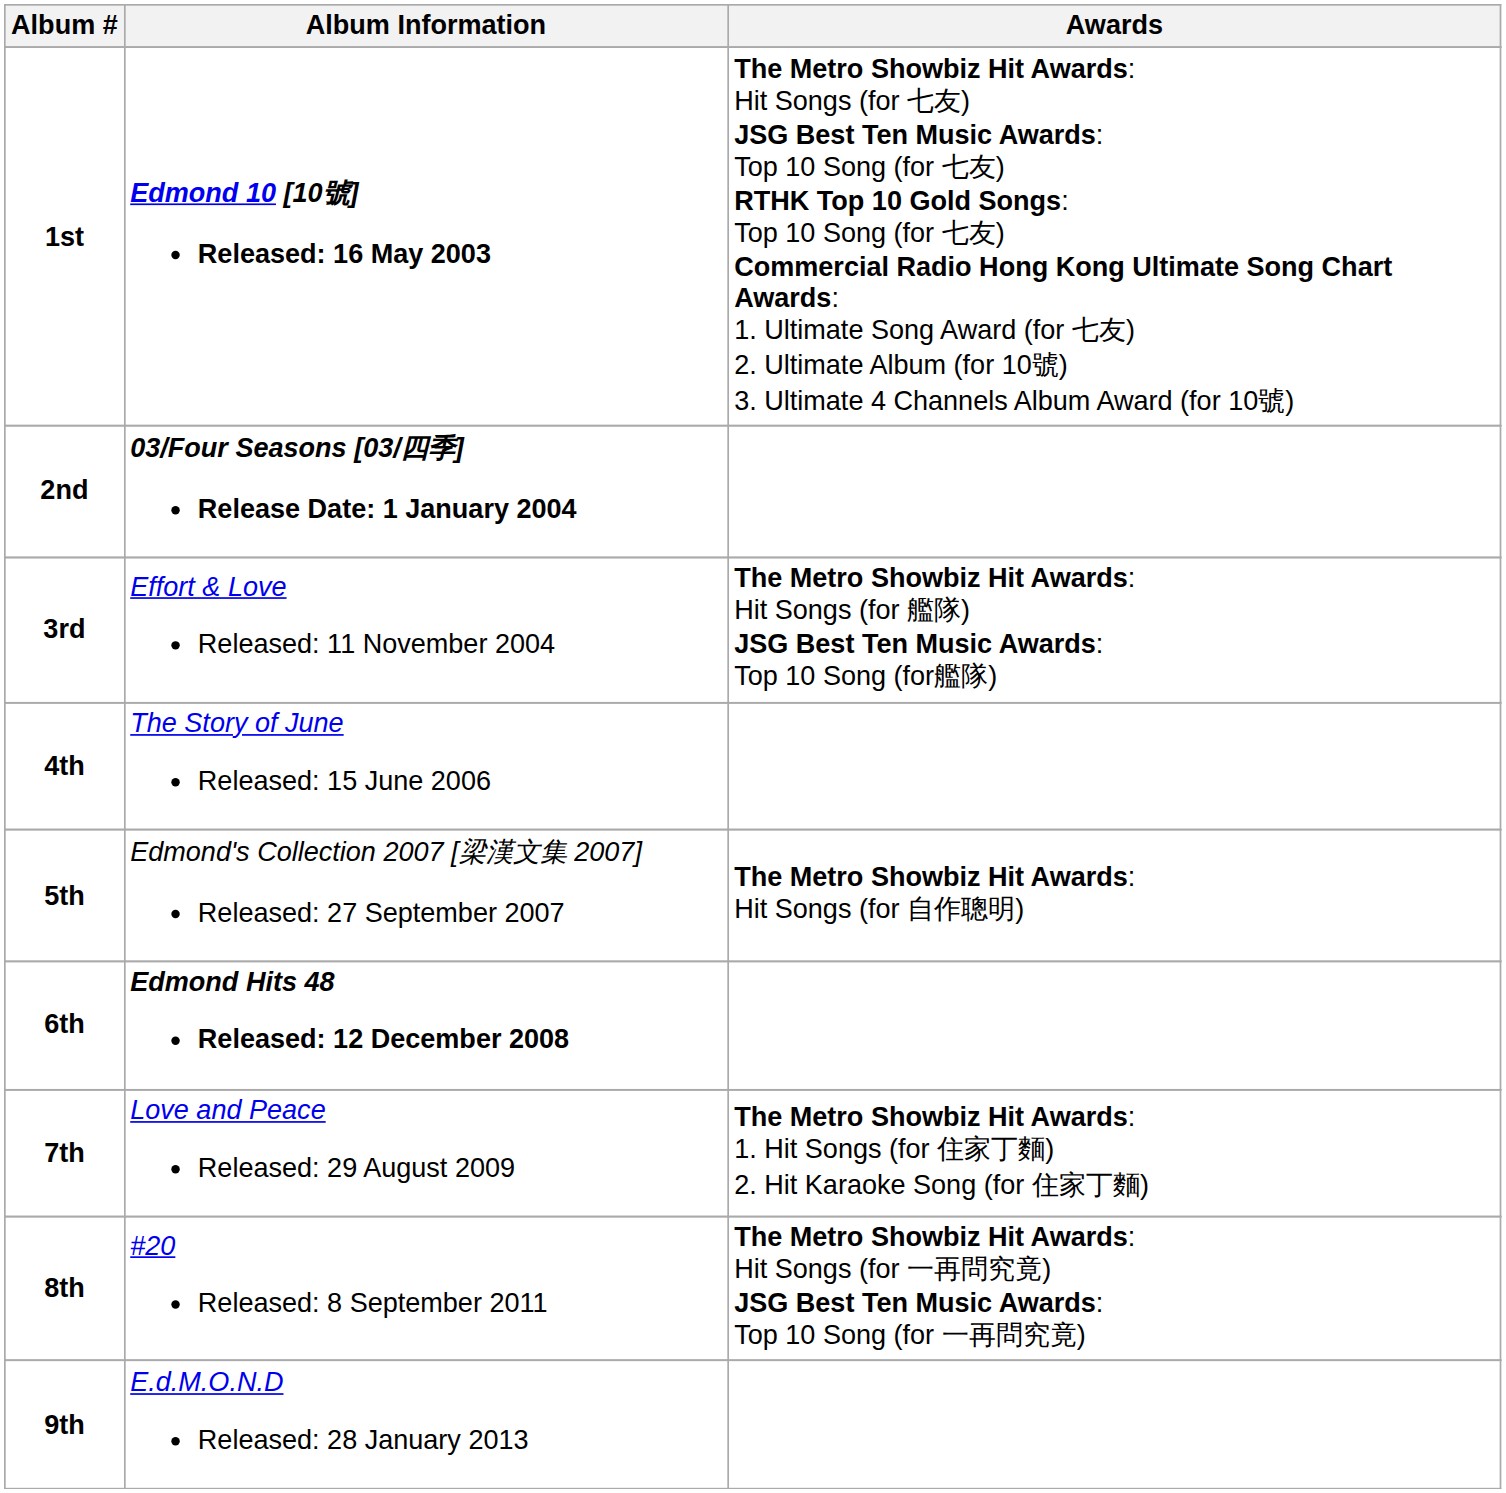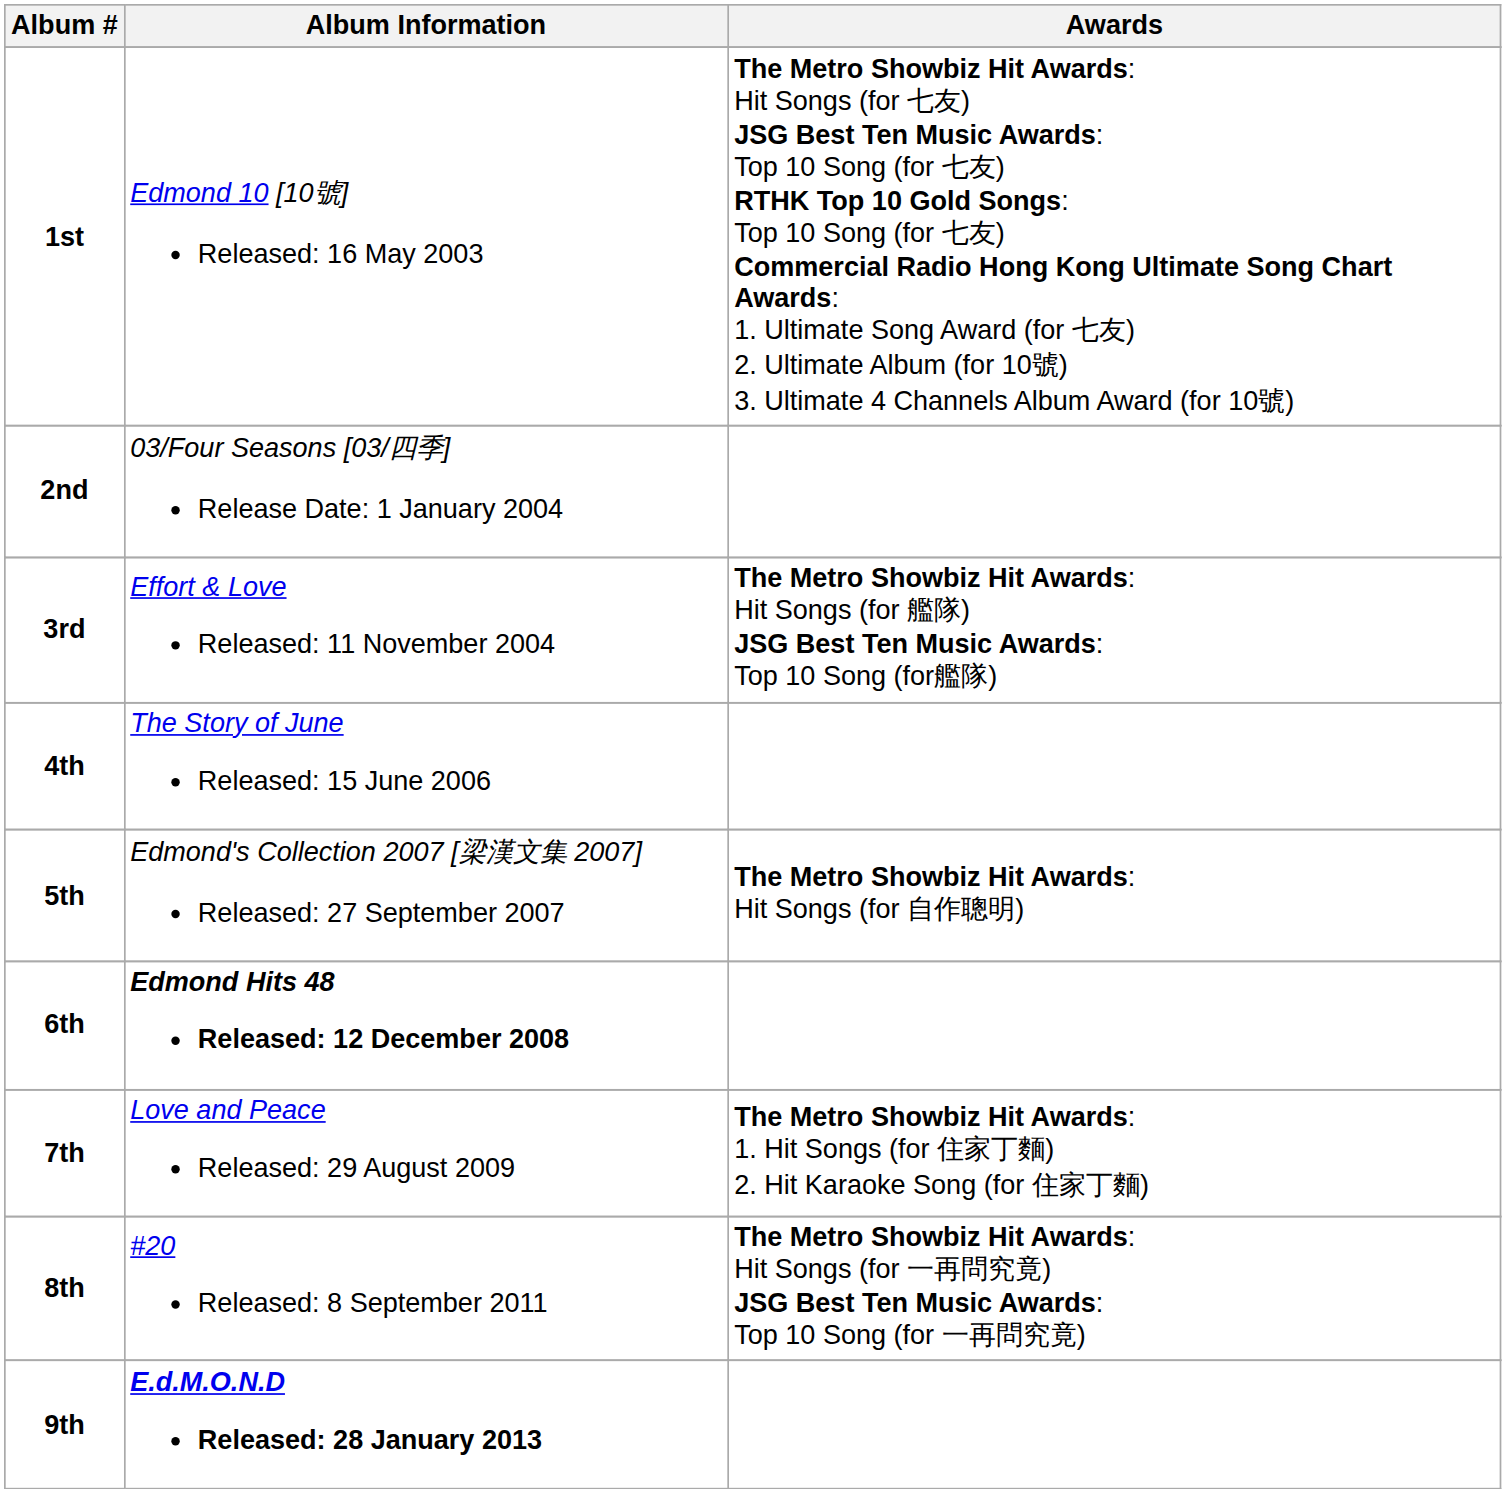 <table class="wikitable">
 <tr>
 <th align-"left">Album #</th>
 <th align="left" width="350px">Album Information</th>
 <th align="left" width="450px">Awards</th>
 </tr>
 <tr>
 </tr>
 <tr bgcolor="#FFFFFF">
 <td align="center"><strong>1st</strong></td>
-<td align="left"><strong><em><a href='#'>Edmond 10</a> [10號]</em><br><ul><li>Released: 16 May 2003</li></ul></strong></td>
+<td align="left"><em><a href='#'>Edmond 10</a> [10號]</em><br><ul><li>Released: 16 May 2003</li></ul></td>
 <td><strong>The Metro Showbiz Hit Awards</strong>:<br>Hit Songs (for 七友)<br><strong>JSG Best Ten Music Awards</strong>:<br>Top 10 Song (for 七友)<br><strong>RTHK Top 10 Gold Songs</strong>:<br>Top 10 Song (for 七友)<br><strong>Commercial Radio Hong Kong Ultimate Song Chart Awards</strong>:<br> 1. Ultimate Song Award (for 七友)<br> 2. Ultimate Album (for 10號)<br> 3. Ultimate 4 Channels Album Award (for 10號)</td>
 </tr>
 <tr>
 </tr>
 <tr bgcolor="#FFFFFF">
 <td align="center"><strong>2nd</strong></td>
-<td align="left"><strong><em>03/Four Seasons [03/四季]</em><br><ul><li>Release Date: 1 January 2004</li></ul></strong></td>
+<td align="left"><em>03/Four Seasons [03/四季]</em><br><ul><li>Release Date: 1 January 2004</li></ul></td>
 <td></td>
 </tr>
 <tr>
 </tr>
 <tr bgcolor="#FFFFFF">
 <td align="center"><strong>3rd</strong></td>
 <td align="left"><em><a href='#'>Effort & Love</a></em><br><ul><li>Released: 11 November 2004</li></ul></td>
 <td><strong>The Metro Showbiz Hit Awards</strong>:<br>Hit Songs (for 艦隊)<br><strong>JSG Best Ten Music Awards</strong>:<br>Top 10 Song (for艦隊)</td>
 </tr>
 <tr>
 </tr>
 <tr bgcolor="#FFFFFF">
 <td align="center"><strong>4th</strong></td>
 <td align="left"><em><a href='#'>The Story of June</a></em><br><ul><li>Released: 15 June 2006</li></ul></td>
 <td></td>
 </tr>
 <tr>
 </tr>
 <tr bgcolor="#FFFFFF">
 <td align="center"><strong>5th</strong></td>
 <td align="left"><em>Edmond's Collection 2007 [梁漢文集 2007]</em><br><ul><li>Released: 27 September 2007</li></ul></td>
 <td><strong>The Metro Showbiz Hit Awards</strong>:<br> Hit Songs (for 自作聰明)</td>
 </tr>
 <tr>
 </tr>
 <tr bgcolor="#FFFFFF">
 <td align="center"><strong>6th</strong></td>
 <td align="left"><strong><em>Edmond Hits 48</em><br><ul><li>Released: 12 December 2008</li></ul></strong></td>
 <td></td>
 </tr>
 <tr>
 </tr>
 <tr bgcolor="#FFFFFF">
 <td align="center"><strong>7th</strong></td>
 <td align="left"><em><a href='#'>Love and Peace</a></em><br><ul><li>Released: 29 August 2009</li></ul></td>
 <td><strong>The Metro Showbiz Hit Awards</strong>:<br>1. Hit Songs (for 住家丁麵)<br>2. Hit Karaoke Song (for 住家丁麵)</td>
 </tr>
 <tr>
 </tr>
 <tr bgcolor="#FFFFFF">
 <td align="center"><strong>8th</strong></td>
 <td align="left"><em><a href='#'>#20</a></em><br><ul><li>Released: 8 September 2011</li></ul></td>
 <td><strong>The Metro Showbiz Hit Awards</strong>:<br> Hit Songs (for 一再問究竟) <br><strong>JSG Best Ten Music Awards</strong>:<br>Top 10 Song (for 一再問究竟)</td>
 </tr>
 <tr>
 </tr>
 <tr bgcolor="#FFFFFF">
 <td align="center"><strong>9th</strong></td>
-<td align="left"><em><a href='#'>E.d.M.O.N.D</a></em><br><ul><li>Released: 28 January 2013</li></ul></td>
+<td align="left"><strong><em><a href='#'>E.d.M.O.N.D</a></em><br><ul><li>Released: 28 January 2013</li></ul></strong></td>
 <td></td>
 </tr>
 </table>
